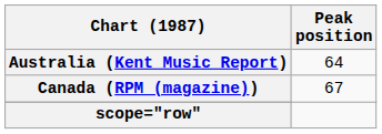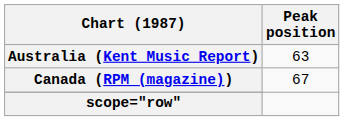 <table class="wikitable plainrowheaders sortable">
 <tr>
 <th>Chart (1987)</th>
 <th>Peak<br> position</th>
 </tr>
 <tr>
 <th scope="row">Australia (<a href='#'>Kent Music Report</a>)</th>
-<td align="center">64</td>
+<td align="center">63</td>
 </tr>
 <tr>
 <th scope="row">Canada (<a href='#'>RPM (magazine)</a>)</th>
 <td align="center">67</td>
 </tr>
 <tr>
 </tr>
 <tr>
 </tr>
 <tr>
 </tr>
 <tr>
 </tr>
 <tr>
 </tr>
 <tr>
 <th>scope="row" </th>
 </tr>
 </table>
